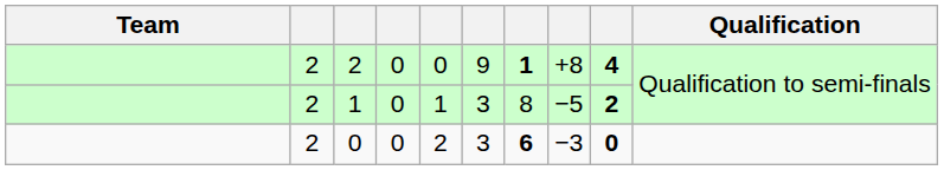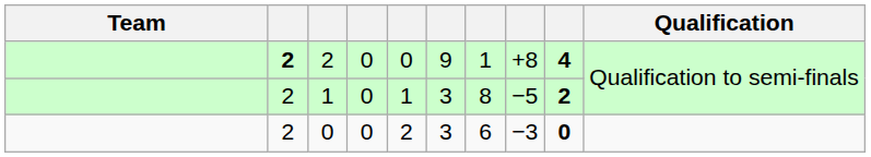 <table class="wikitable" style="text-align:center;">
 <tr>
 <th width=175>Team</th>
 <th width=20></th>
 <th width=20></th>
 <th width=20></th>
 <th width=20></th>
 <th width=20></th>
 <th width=20></th>
 <th width=20></th>
 <th width=20></th>
 <th>Qualification</th>
 </tr>
 <tr bgcolor="#ccffcc">
 <td align="left"></td>
-<td>2</td>
+<td><strong>2</strong></td>
 <td>2</td>
 <td>0</td>
 <td>0</td>
 <td>9</td>
-<td><strong>1</strong></td>
+<td>1</td>
 <td>+8</td>
 <td><strong>4</strong></td>
 <td rowspan="2">Qualification to semi-finals</td>
 </tr>
 <tr bgcolor="#ccffcc">
 <td align="left"></td>
 <td>2</td>
 <td>1</td>
 <td>0</td>
 <td>1</td>
 <td>3</td>
 <td>8</td>
 <td>−5</td>
 <td><strong>2</strong></td>
 </tr>
 <tr>
 <td align="left"></td>
 <td>2</td>
 <td>0</td>
 <td>0</td>
 <td>2</td>
 <td>3</td>
-<td><strong>6</strong></td>
+<td>6</td>
 <td>−3</td>
 <td><strong>0</strong></td>
 <td></td>
 </tr>
 </table>
